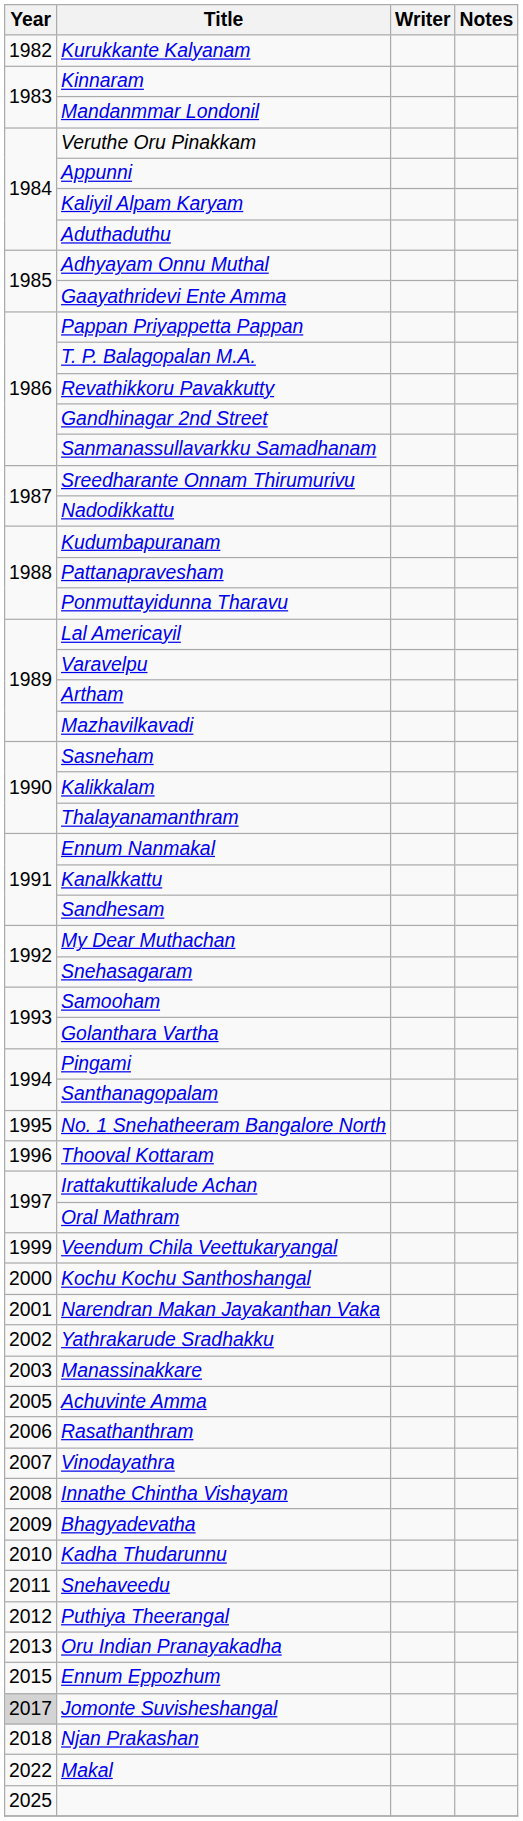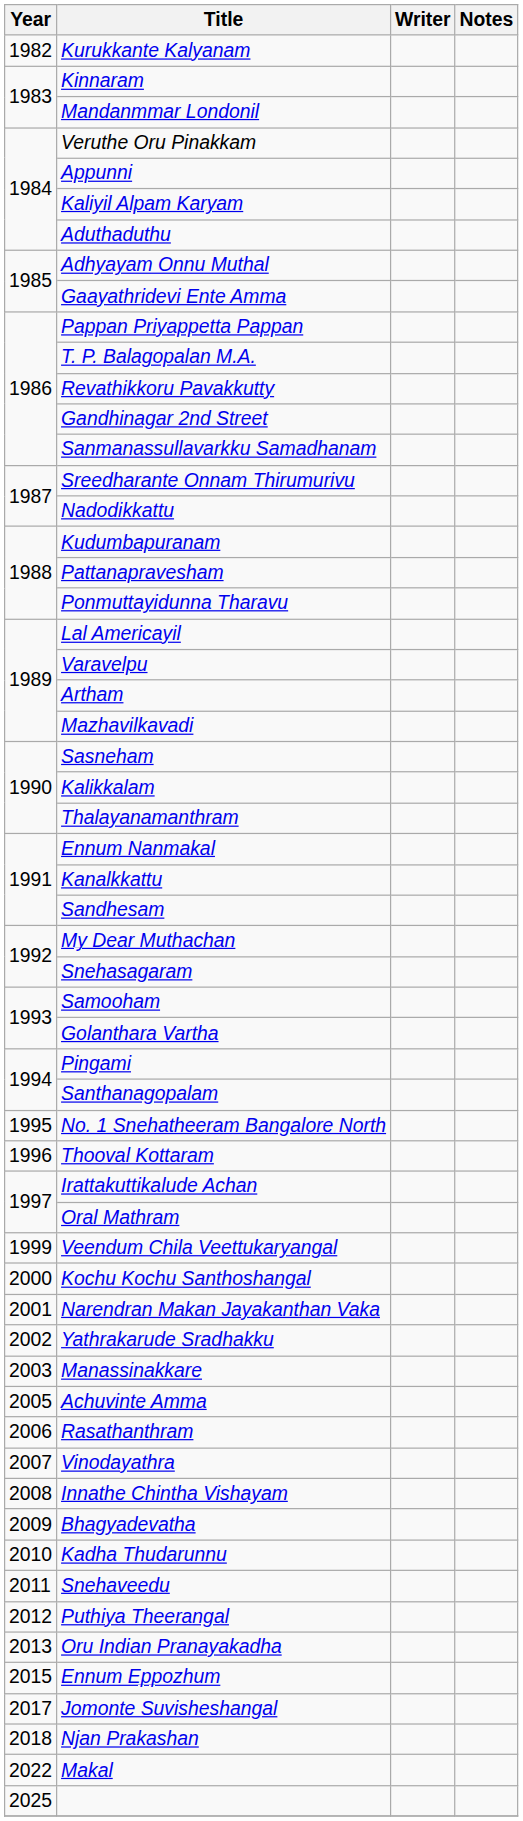 <table class="wikitable sortable" style="font-size: 100%;">
 <tr>
 <th>Year</th>
 <th>Title</th>
 <th>Writer</th>
 <th>Notes</th>
 </tr>
 <tr>
 <td>1982</td>
 <td><em><a href='#'>Kurukkante Kalyanam</a></em></td>
 <td></td>
 <td></td>
 </tr>
 <tr>
 <td rowspan="2">1983</td>
 <td><a href='#'><em>Kinnaram</em></a></td>
 <td></td>
 <td></td>
 </tr>
 <tr>
 <td><em><a href='#'>Mandanmmar Londonil</a></em></td>
 <td></td>
 <td></td>
 </tr>
 <tr>
 <td rowspan="4">1984</td>
 <td><em>Veruthe Oru Pinakkam</em></td>
 <td></td>
 <td></td>
 </tr>
 <tr>
 <td><em><a href='#'>Appunni</a></em></td>
 <td></td>
 <td></td>
 </tr>
 <tr>
 <td><em><a href='#'>Kaliyil Alpam Karyam</a></em></td>
 <td></td>
 <td></td>
 </tr>
 <tr>
 <td><em><a href='#'>Aduthaduthu</a></em></td>
 <td></td>
 <td></td>
 </tr>
 <tr>
 <td rowspan="2">1985</td>
 <td><em><a href='#'>Adhyayam Onnu Muthal</a></em></td>
 <td></td>
 <td></td>
 </tr>
 <tr>
 <td><em><a href='#'>Gaayathridevi Ente Amma</a></em></td>
 <td></td>
 <td></td>
 </tr>
 <tr>
 <td rowspan="5">1986</td>
 <td><em><a href='#'>Pappan Priyappetta Pappan</a></em></td>
 <td></td>
 <td></td>
 </tr>
 <tr>
 <td><em><a href='#'>T. P. Balagopalan M.A.</a></em></td>
 <td></td>
 <td></td>
 </tr>
 <tr>
 <td><em><a href='#'>Revathikkoru Pavakkutty</a></em></td>
 <td></td>
 <td></td>
 </tr>
 <tr>
 <td><em><a href='#'>Gandhinagar 2nd Street</a></em></td>
 <td></td>
 <td></td>
 </tr>
 <tr>
 <td><em><a href='#'>Sanmanassullavarkku Samadhanam</a></em></td>
 <td></td>
 <td></td>
 </tr>
 <tr>
 <td rowspan="2">1987</td>
 <td><em><a href='#'>Sreedharante Onnam Thirumurivu</a></em></td>
 <td></td>
 <td></td>
 </tr>
 <tr>
 <td><em><a href='#'>Nadodikkattu</a></em></td>
 <td></td>
 <td></td>
 </tr>
 <tr>
 <td rowspan="3">1988</td>
 <td><em><a href='#'>Kudumbapuranam</a></em></td>
 <td></td>
 <td></td>
 </tr>
 <tr>
 <td><em><a href='#'>Pattanapravesham</a></em></td>
 <td></td>
 <td></td>
 </tr>
 <tr>
 <td><em><a href='#'>Ponmuttayidunna Tharavu</a></em></td>
 <td></td>
 <td></td>
 </tr>
 <tr>
 <td rowspan="4">1989</td>
 <td><em><a href='#'>Lal Americayil</a></em></td>
 <td></td>
 <td></td>
 </tr>
 <tr>
 <td><em><a href='#'>Varavelpu</a></em></td>
 <td></td>
 <td></td>
 </tr>
 <tr>
 <td><em><a href='#'>Artham</a></em></td>
 <td></td>
 <td></td>
 </tr>
 <tr>
 <td><em><a href='#'>Mazhavilkavadi</a></em></td>
 <td></td>
 <td></td>
 </tr>
 <tr>
 <td rowspan="3">1990</td>
 <td><em><a href='#'>Sasneham</a></em></td>
 <td></td>
 <td></td>
 </tr>
 <tr>
 <td><em><a href='#'>Kalikkalam</a></em></td>
 <td></td>
 <td></td>
 </tr>
 <tr>
 <td><em><a href='#'>Thalayanamanthram</a></em></td>
 <td></td>
 <td></td>
 </tr>
 <tr>
 <td rowspan="3">1991</td>
 <td><em><a href='#'>Ennum Nanmakal</a></em></td>
 <td></td>
 <td></td>
 </tr>
 <tr>
 <td><em><a href='#'>Kanalkkattu</a></em></td>
 <td></td>
 <td></td>
 </tr>
 <tr>
 <td><em><a href='#'>Sandhesam</a></em></td>
 <td></td>
 <td></td>
 </tr>
 <tr>
 <td rowspan="2">1992</td>
 <td><em><a href='#'>My Dear Muthachan</a></em></td>
 <td></td>
 <td></td>
 </tr>
 <tr>
 <td><em><a href='#'>Snehasagaram</a></em></td>
 <td></td>
 <td></td>
 </tr>
 <tr>
 <td rowspan="2">1993</td>
 <td><em><a href='#'>Samooham</a></em></td>
 <td></td>
 <td></td>
 </tr>
 <tr>
 <td><em><a href='#'>Golanthara Vartha</a></em></td>
 <td></td>
 <td></td>
 </tr>
 <tr>
 <td rowspan="2">1994</td>
 <td><em><a href='#'>Pingami</a></em></td>
 <td></td>
 <td></td>
 </tr>
 <tr>
 <td><em><a href='#'>Santhanagopalam</a></em></td>
 <td></td>
 <td></td>
 </tr>
 <tr>
 <td>1995</td>
 <td><em><a href='#'>No. 1 Snehatheeram Bangalore North</a></em></td>
 <td></td>
 <td></td>
 </tr>
 <tr>
 <td>1996</td>
 <td><em><a href='#'>Thooval Kottaram</a></em></td>
 <td></td>
 <td></td>
 </tr>
 <tr>
 <td rowspan="2">1997</td>
 <td><em><a href='#'>Irattakuttikalude Achan</a></em></td>
 <td></td>
 <td></td>
 </tr>
 <tr>
 <td><em><a href='#'>Oral Mathram</a></em></td>
 <td></td>
 <td></td>
 </tr>
 <tr>
 <td>1999</td>
 <td><em><a href='#'>Veendum Chila Veettukaryangal</a></em></td>
 <td></td>
 <td></td>
 </tr>
 <tr>
 <td>2000</td>
 <td><em><a href='#'>Kochu Kochu Santhoshangal</a></em></td>
 <td></td>
 <td></td>
 </tr>
 <tr>
 <td>2001</td>
 <td><em><a href='#'>Narendran Makan Jayakanthan Vaka</a></em></td>
 <td></td>
 <td></td>
 </tr>
 <tr>
 <td>2002</td>
 <td><em><a href='#'>Yathrakarude Sradhakku</a></em></td>
 <td></td>
 <td></td>
 </tr>
 <tr>
 <td>2003</td>
 <td><em><a href='#'>Manassinakkare</a></em></td>
 <td></td>
 <td></td>
 </tr>
 <tr>
 <td>2005</td>
 <td><em><a href='#'>Achuvinte Amma</a></em></td>
 <td></td>
 <td></td>
 </tr>
 <tr>
 <td>2006</td>
 <td><em><a href='#'>Rasathanthram</a></em></td>
 <td></td>
 <td></td>
 </tr>
 <tr>
 <td>2007</td>
 <td><em><a href='#'>Vinodayathra</a></em></td>
 <td></td>
 <td></td>
 </tr>
 <tr>
 <td>2008</td>
 <td><em><a href='#'>Innathe Chintha Vishayam</a></em></td>
 <td></td>
 <td></td>
 </tr>
 <tr>
 <td>2009</td>
 <td><em><a href='#'>Bhagyadevatha</a></em></td>
 <td></td>
 <td></td>
 </tr>
 <tr>
 <td>2010</td>
 <td><em><a href='#'>Kadha Thudarunnu</a></em></td>
 <td></td>
 <td></td>
 </tr>
 <tr>
 <td>2011</td>
 <td><em><a href='#'>Snehaveedu</a></em></td>
 <td></td>
 <td></td>
 </tr>
 <tr>
 <td>2012</td>
 <td><em><a href='#'>Puthiya Theerangal</a></em></td>
 <td></td>
 <td></td>
 </tr>
 <tr>
 <td>2013</td>
 <td><em><a href='#'>Oru Indian Pranayakadha</a></em></td>
 <td></td>
 <td></td>
 </tr>
 <tr>
 <td>2015</td>
 <td><em><a href='#'>Ennum Eppozhum</a></em></td>
 <td></td>
 <td></td>
 </tr>
 <tr>
-<td style="background: lightgrey;">2017</td>
+<td>2017</td>
 <td><em><a href='#'>Jomonte Suvisheshangal</a></em></td>
 <td></td>
 <td></td>
 </tr>
 <tr>
 <td>2018</td>
 <td><em><a href='#'>Njan Prakashan</a></em></td>
 <td></td>
 <td></td>
 </tr>
 <tr>
 <td>2022</td>
 <td><em><a href='#'>Makal</a></em></td>
 <td></td>
 <td></td>
 </tr>
 <tr>
 <td>2025</td>
 <td></td>
 <td></td>
 <td></td>
 </tr>
 <tr>
 </tr>
 </table>
